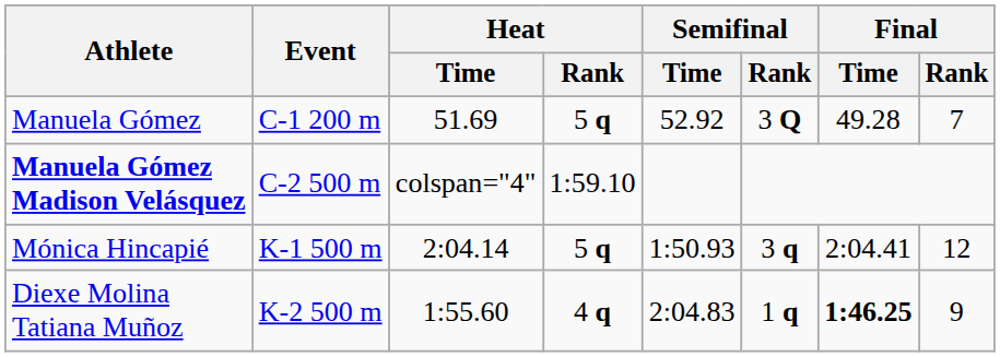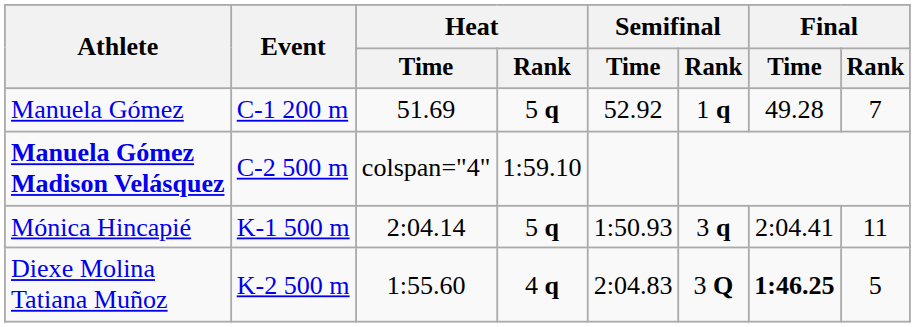 <table class=wikitable style=font-size:90%;text-align:center>
 <tr>
 <th rowspan=2>Athlete</th>
 <th rowspan=2>Event</th>
 <th colspan=2>Heat</th>
 <th colspan=2>Semifinal</th>
 <th colspan=2>Final</th>
 </tr>
 <tr style=font-size:95%>
 <th>Time</th>
 <th>Rank</th>
 <th>Time</th>
 <th>Rank</th>
 <th>Time</th>
 <th>Rank</th>
 </tr>
 <tr>
 <td align=left><a href='#'>Manuela Gómez</a></td>
 <td align=left><a href='#'>C-1 200 m</a></td>
 <td>51.69</td>
 <td>5 <strong>q</strong></td>
 <td>52.92</td>
-<td>3 <strong>Q</strong></td>
+<td>1 <strong>q</strong></td>
 <td>49.28</td>
 <td>7</td>
 </tr>
 <tr>
 <td align=left><strong><a href='#'>Manuela Gómez</a><br><a href='#'>Madison Velásquez</a></strong></td>
 <td align=left><a href='#'>C-2 500 m</a></td>
 <td>colspan="4" </td>
 <td>1:59.10</td>
 <td></td>
 </tr>
 <tr>
 <td align=left><a href='#'>Mónica Hincapié</a></td>
 <td align=left><a href='#'>K-1 500 m</a></td>
 <td>2:04.14</td>
 <td>5 <strong>q</strong></td>
 <td>1:50.93</td>
 <td>3 <strong>q</strong></td>
 <td>2:04.41</td>
-<td>12</td>
+<td>11</td>
 </tr>
 <tr>
 <td align=left><a href='#'>Diexe Molina</a><br><a href='#'>Tatiana Muñoz</a></td>
 <td align=left><a href='#'>K-2 500 m</a></td>
 <td>1:55.60</td>
 <td>4 <strong>q</strong></td>
 <td>2:04.83</td>
-<td>1 <strong>q</strong></td>
+<td>3 <strong>Q</strong></td>
 <td><strong>1:46.25</strong></td>
-<td>9</td>
+<td>5</td>
 </tr>
 </table>
